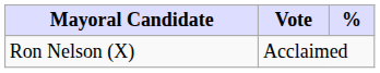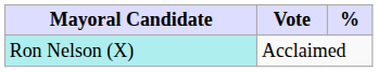 <table class="wikitable">
 <tr>
 <th style="background:#ddf; width:200px;">Mayoral Candidate</th>
 <th style="background:#ddf; width:50px;">Vote</th>
 <th style="background:#ddf; width:30px;">%</th>
 </tr>
 <tr>
-<td>Ron Nelson (X)</td>
+<td style="background: paleturquoise;">Ron Nelson (X)</td>
 <td colspan="2">Acclaimed</td>
 </tr>
 </table>
